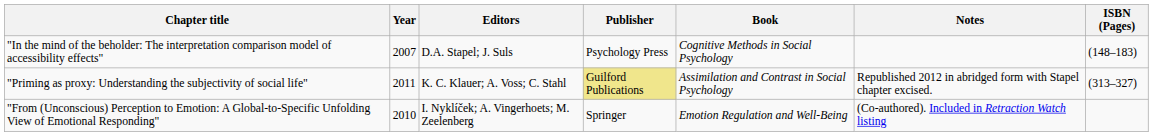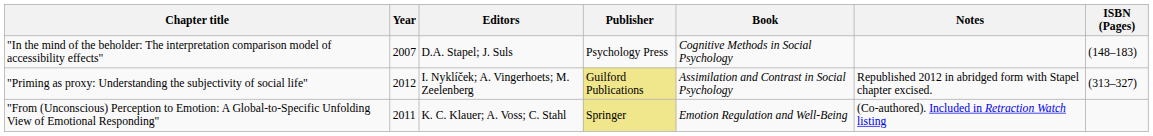 <table class="wikitable sortable mw-collapsible mw-collapsed static-row-numbers">
 <tr>
 <th>Chapter title</th>
 <th>Year</th>
 <th>Editors</th>
 <th>Publisher</th>
 <th>Book</th>
 <th>Notes</th>
 <th>ISBN (Pages)</th>
 </tr>
 <tr>
 <td>"In the mind of the beholder: The interpretation comparison model of accessibility effects"</td>
 <td>2007</td>
 <td>D.A. Stapel; J. Suls</td>
 <td>Psychology Press</td>
 <td><em>Cognitive Methods in Social Psychology</em></td>
 <td></td>
 <td> (148–183)</td>
 </tr>
 <tr>
 <td>"Priming as proxy: Understanding the subjectivity of social life"</td>
-<td>2011</td>
-<td>K. C. Klauer; A. Voss; C. Stahl</td>
+<td>2012</td>
+<td>I. Nyklíček; A. Vingerhoets; M. Zeelenberg</td>
 <td style="background: khaki;">Guilford Publications</td>
 <td><em>Assimilation and Contrast in Social Psychology</em></td>
 <td>Republished 2012 in abridged form with Stapel chapter excised.</td>
 <td>(313–327)</td>
 </tr>
 <tr>
 <td>"From (Unconscious) Perception to Emotion: A Global-to-Specific Unfolding View of Emotional Responding"</td>
-<td>2010</td>
-<td>I. Nyklíček; A. Vingerhoets; M. Zeelenberg</td>
-<td>Springer</td>
+<td>2011</td>
+<td>K. C. Klauer; A. Voss; C. Stahl</td>
+<td style="background: khaki;">Springer</td>
 <td><em>Emotion Regulation and Well-Being</em></td>
 <td>(Co-authored). <a href='#'>Included in <em>Retraction Watch</em> listing</a></td>
 <td></td>
 </tr>
 </table>
